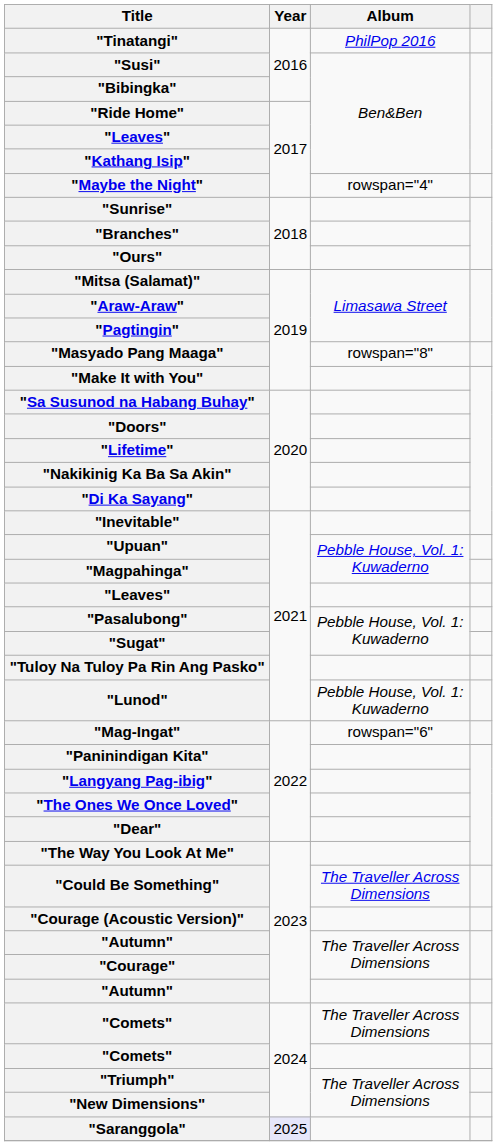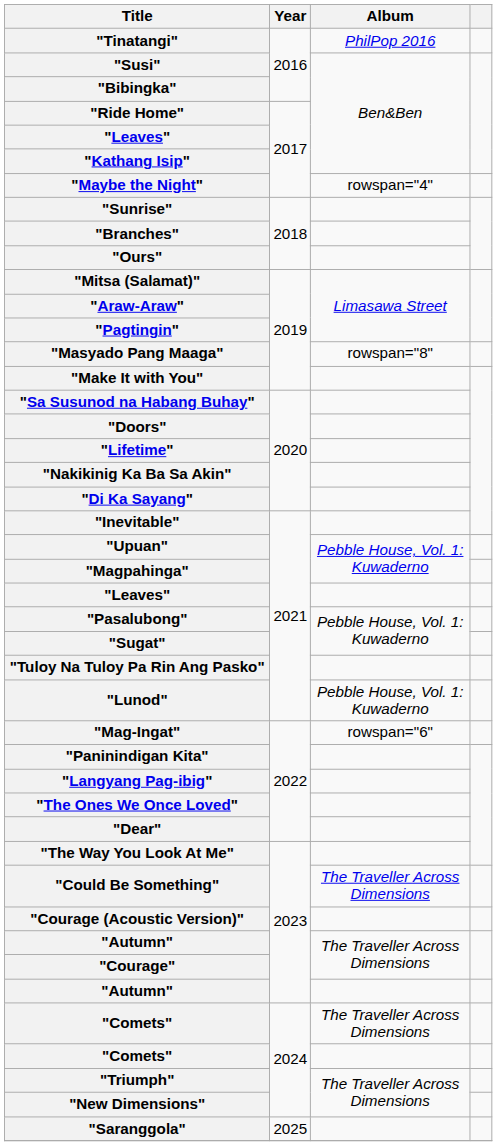 <table class="wikitable plainrowheaders" style="text-align:center;">
 <tr>
 <th scope="col" style="width:17em;">Title</th>
 <th scope="col">Year</th>
 <th scope="col" style="width:10em;">Album</th>
 <th scope="col" class="unsortable" style="width:1em;"></th>
 </tr>
 <tr>
 <th scope="row">"Tinatangi"<br></th>
 <td align="center" rowspan="3">2016</td>
 <td><em><a href='#'>PhilPop 2016</a></em></td>
 <td></td>
 </tr>
 <tr>
 <th scope="row">"Susi"</th>
 <td rowspan="5"><em>Ben&Ben</em></td>
 <td rowspan="5"></td>
 </tr>
 <tr>
 <th scope="row">"Bibingka"</th>
 </tr>
 <tr>
 <th scope="row">"Ride Home"</th>
 <td align="center" rowspan="4">2017</td>
 </tr>
 <tr>
 <th scope="row">"<a href='#'>Leaves</a>"</th>
 </tr>
 <tr>
 <th scope="row">"<a href='#'>Kathang Isip</a>"</th>
 </tr>
 <tr>
 <th scope="row">"<a href='#'>Maybe the Night</a>"</th>
 <td>rowspan="4" </td>
 <td></td>
 </tr>
 <tr>
 <th scope="row">"Sunrise"</th>
 <td align="center" rowspan="3">2018</td>
 <td></td>
 </tr>
 <tr>
 <th scope="row">"Branches"</th>
 <td></td>
 </tr>
 <tr>
 <th scope="row">"Ours" <br></th>
 <td></td>
 </tr>
 <tr>
 <th scope="row">"Mitsa (Salamat)"</th>
 <td align="center" rowspan="5">2019</td>
 <td rowspan="3"><em><a href='#'>Limasawa Street</a></em></td>
 <td rowspan="3"></td>
 </tr>
 <tr>
 <th scope="row">"<a href='#'>Araw-Araw</a>"</th>
 </tr>
 <tr>
 <th scope="row">"<a href='#'>Pagtingin</a>"</th>
 </tr>
 <tr>
 <th scope="row">"Masyado Pang Maaga"</th>
 <td>rowspan="8" </td>
 <td></td>
 </tr>
 <tr>
 <th scope="row">"Make It with You"</th>
 <td></td>
 </tr>
 <tr>
 <th scope="row">"<a href='#'>Sa Susunod na Habang Buhay</a>"</th>
 <td align="center" rowspan="5">2020</td>
 <td></td>
 </tr>
 <tr>
 <th scope="row">"Doors"</th>
 <td></td>
 </tr>
 <tr>
 <th scope="row">"<a href='#'>Lifetime</a>"</th>
 <td></td>
 </tr>
 <tr>
 <th scope="row">"Nakikinig Ka Ba Sa Akin"</th>
 <td></td>
 </tr>
 <tr>
 <th scope="row">"<a href='#'>Di Ka Sayang</a>"</th>
 <td></td>
 </tr>
 <tr>
 <th scope="row">"Inevitable"</th>
 <td rowspan="8" align="center">2021</td>
 <td></td>
 </tr>
 <tr>
 <th scope="row">"Upuan"</th>
 <td rowspan="2"><em><a href='#'>Pebble House, Vol. 1: Kuwaderno</a></em></td>
 <td></td>
 </tr>
 <tr>
 <th scope="row">"Magpahinga"</th>
 <td></td>
 </tr>
 <tr>
 <th scope="row">"Leaves"<br></th>
 <td></td>
 <td></td>
 </tr>
 <tr>
 <th scope="row">"Pasalubong"<br></th>
 <td rowspan="2"><em>Pebble House, Vol. 1: Kuwaderno</em></td>
 <td></td>
 </tr>
 <tr>
 <th scope="row">"Sugat"<br></th>
 <td></td>
 </tr>
 <tr>
 <th scope="row">"Tuloy Na Tuloy Pa Rin Ang Pasko"</th>
 <td></td>
 <td></td>
 </tr>
 <tr>
 <th scope="row">"Lunod"<br></th>
 <td><em>Pebble House, Vol. 1: Kuwaderno</em></td>
 <td></td>
 </tr>
 <tr>
 <th scope="row">"Mag-Ingat"</th>
 <td rowspan="5" align="center">2022</td>
 <td>rowspan="6" </td>
 <td></td>
 </tr>
 <tr>
 <th scope="row">"Paninindigan Kita"</th>
 <td></td>
 </tr>
 <tr>
 <th scope="row">"<a href='#'>Langyang Pag-ibig</a>"</th>
 <td></td>
 </tr>
 <tr>
 <th scope="row">"<a href='#'>The Ones We Once Loved</a>"</th>
 <td></td>
 </tr>
 <tr>
 <th scope="row">"Dear"</th>
 <td></td>
 </tr>
 <tr>
 <th scope="row">"The Way You Look At Me"</th>
 <td rowspan="6">2023</td>
 <td></td>
 </tr>
 <tr>
 <th scope="row">"Could Be Something"</th>
 <td><em><a href='#'>The Traveller Across Dimensions</a></em></td>
 <td></td>
 </tr>
 <tr>
 <th scope="row">"Courage (Acoustic Version)"</th>
 <td></td>
 <td></td>
 </tr>
 <tr>
 <th scope="row">"Autumn"</th>
 <td rowspan="2"><em>The Traveller Across Dimensions</em></td>
 <td rowspan="2"></td>
 </tr>
 <tr>
 <th scope="row">"Courage"</th>
 </tr>
 <tr>
 <th scope="row">"Autumn"<br></th>
 <td></td>
 <td></td>
 </tr>
 <tr>
 <th scope="row">"Comets"</th>
 <td rowspan="4" align="center">2024</td>
 <td><em>The Traveller Across Dimensions</em></td>
 <td></td>
 </tr>
 <tr>
 <th scope="row">"Comets"<br></th>
 <td></td>
 <td></td>
 </tr>
 <tr>
 <th scope="row">"Triumph"</th>
 <td rowspan="2" align="center"><em>The Traveller Across Dimensions</em></td>
 <td></td>
 </tr>
 <tr>
 <th scope="row">"New Dimensions"</th>
 <td></td>
 </tr>
 <tr>
 <th scope="row">"Saranggola"</th>
-<td align="center" style="background: lavender;">2025</td>
+<td align="center">2025</td>
 <td></td>
 <td></td>
 </tr>
 <tr>
 </tr>
 </table>
